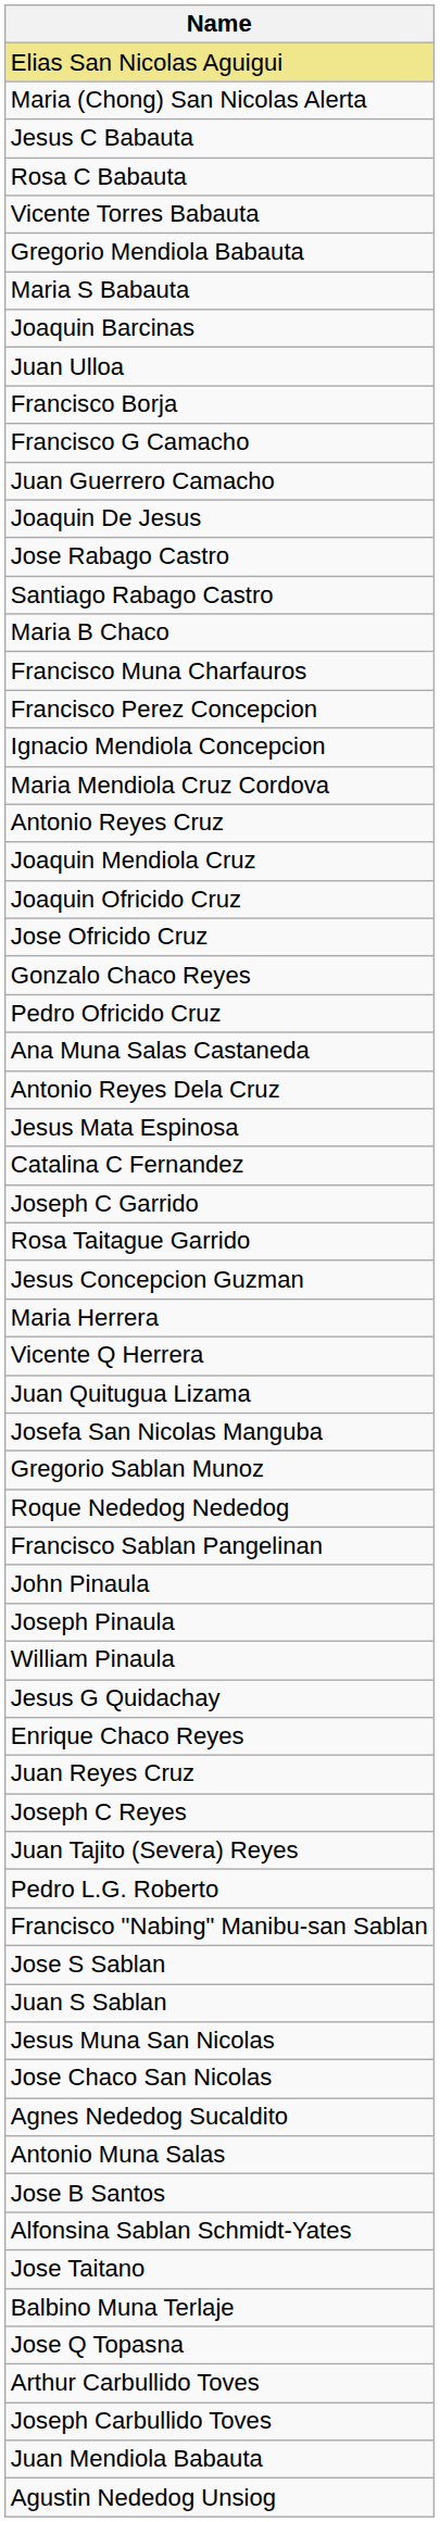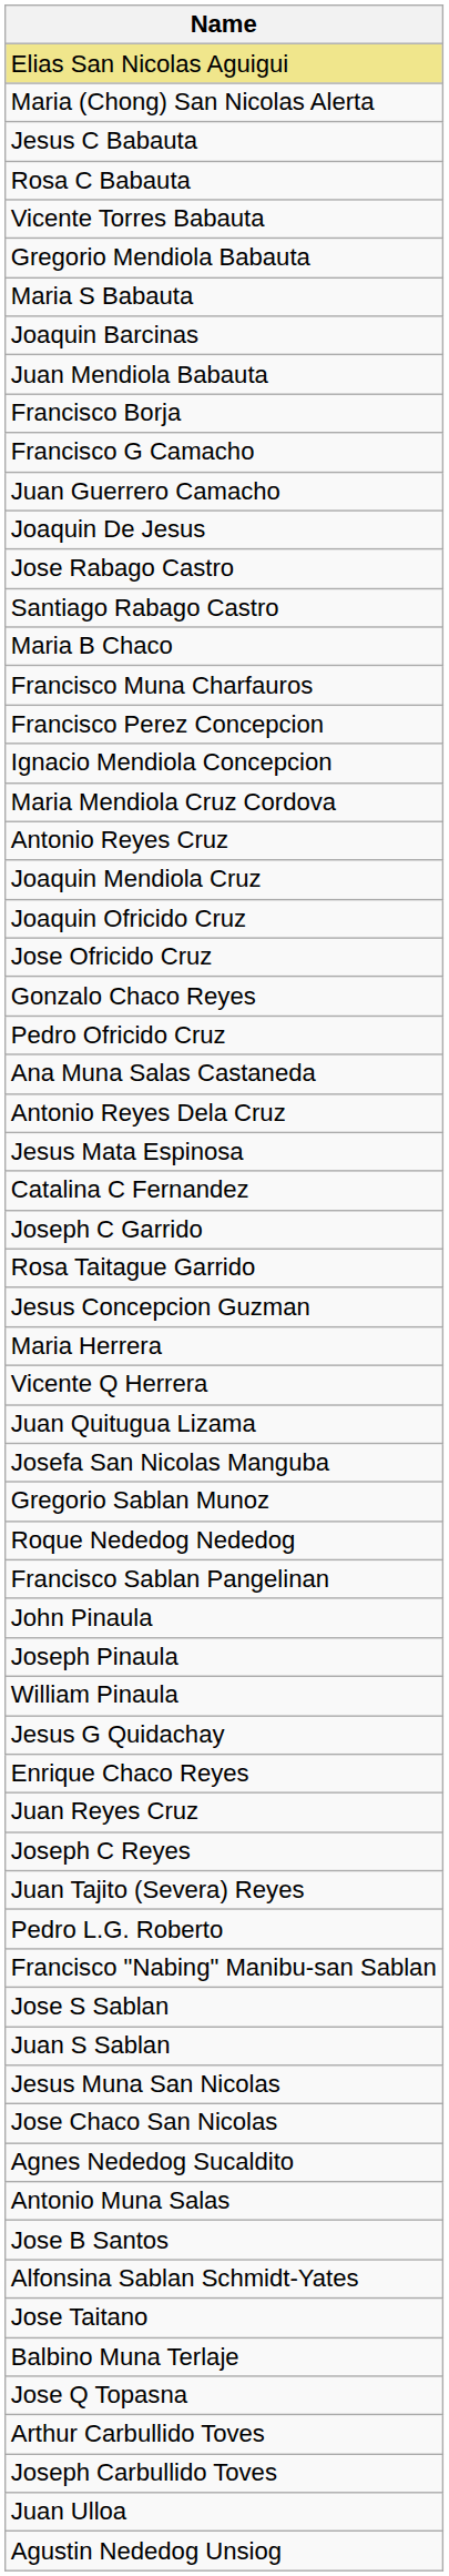 <table class="wikitable sortable mw-collapsible mw-collapsed">
 <tr>
 <th>Name</th>
 </tr>
 <tr>
 <td style="background: khaki;">Elias San Nicolas Aguigui</td>
 </tr>
 <tr>
 <td>Maria (Chong) San Nicolas Alerta</td>
 </tr>
 <tr>
 <td>Jesus C Babauta</td>
 </tr>
 <tr>
 <td>Rosa C Babauta</td>
 </tr>
 <tr>
 <td>Vicente Torres Babauta</td>
 </tr>
 <tr>
 <td>Gregorio Mendiola Babauta</td>
 </tr>
 <tr>
 <td>Maria S Babauta</td>
 </tr>
 <tr>
 <td>Joaquin Barcinas</td>
 </tr>
 <tr>
-<td>Juan Ulloa</td>
+<td>Juan Mendiola Babauta</td>
 </tr>
 <tr>
 <td>Francisco Borja</td>
 </tr>
 <tr>
 <td>Francisco G Camacho</td>
 </tr>
 <tr>
 <td>Juan Guerrero Camacho</td>
 </tr>
 <tr>
 <td>Joaquin De Jesus</td>
 </tr>
 <tr>
 <td>Jose Rabago Castro</td>
 </tr>
 <tr>
 <td>Santiago Rabago Castro</td>
 </tr>
 <tr>
 <td>Maria B Chaco</td>
 </tr>
 <tr>
 <td>Francisco Muna Charfauros</td>
 </tr>
 <tr>
 <td>Francisco Perez Concepcion</td>
 </tr>
 <tr>
 <td>Ignacio Mendiola Concepcion</td>
 </tr>
 <tr>
 <td>Maria Mendiola Cruz Cordova</td>
 </tr>
 <tr>
 <td>Antonio Reyes Cruz</td>
 </tr>
 <tr>
 <td>Joaquin Mendiola Cruz</td>
 </tr>
 <tr>
 <td>Joaquin Ofricido Cruz</td>
 </tr>
 <tr>
 <td>Jose Ofricido Cruz</td>
 </tr>
 <tr>
 <td>Gonzalo Chaco Reyes</td>
 </tr>
 <tr>
 <td>Pedro Ofricido Cruz</td>
 </tr>
 <tr>
 <td>Ana Muna Salas Castaneda</td>
 </tr>
 <tr>
 <td>Antonio Reyes Dela Cruz</td>
 </tr>
 <tr>
 <td>Jesus Mata Espinosa</td>
 </tr>
 <tr>
 <td>Catalina C Fernandez</td>
 </tr>
 <tr>
 <td>Joseph C Garrido</td>
 </tr>
 <tr>
 <td>Rosa Taitague Garrido</td>
 </tr>
 <tr>
 <td>Jesus Concepcion Guzman</td>
 </tr>
 <tr>
 <td>Maria Herrera</td>
 </tr>
 <tr>
 <td>Vicente Q Herrera</td>
 </tr>
 <tr>
 <td>Juan Quitugua Lizama</td>
 </tr>
 <tr>
 <td>Josefa San Nicolas Manguba</td>
 </tr>
 <tr>
 <td>Gregorio Sablan Munoz</td>
 </tr>
 <tr>
 <td>Roque Nededog Nededog</td>
 </tr>
 <tr>
 <td>Francisco Sablan Pangelinan</td>
 </tr>
 <tr>
 <td>John Pinaula</td>
 </tr>
 <tr>
 <td>Joseph Pinaula</td>
 </tr>
 <tr>
 <td>William Pinaula</td>
 </tr>
 <tr>
 <td>Jesus G Quidachay</td>
 </tr>
 <tr>
 <td>Enrique Chaco Reyes</td>
 </tr>
 <tr>
 <td>Juan Reyes Cruz</td>
 </tr>
 <tr>
 <td>Joseph C Reyes</td>
 </tr>
 <tr>
 <td>Juan Tajito (Severa) Reyes</td>
 </tr>
 <tr>
 <td>Pedro L.G. Roberto</td>
 </tr>
 <tr>
 <td>Francisco "Nabing" Manibu-san Sablan</td>
 </tr>
 <tr>
 <td>Jose S Sablan</td>
 </tr>
 <tr>
 <td>Juan S Sablan</td>
 </tr>
 <tr>
 <td>Jesus Muna San Nicolas</td>
 </tr>
 <tr>
 <td>Jose Chaco San Nicolas</td>
 </tr>
 <tr>
 <td>Agnes Nededog Sucaldito</td>
 </tr>
 <tr>
 <td>Antonio Muna Salas</td>
 </tr>
 <tr>
 <td>Jose B Santos</td>
 </tr>
 <tr>
 <td>Alfonsina Sablan Schmidt-Yates</td>
 </tr>
 <tr>
 <td>Jose Taitano</td>
 </tr>
 <tr>
 <td>Balbino Muna Terlaje</td>
 </tr>
 <tr>
 <td>Jose Q Topasna</td>
 </tr>
 <tr>
 <td>Arthur Carbullido Toves</td>
 </tr>
 <tr>
 <td>Joseph Carbullido Toves</td>
 </tr>
 <tr>
-<td>Juan Mendiola Babauta</td>
+<td>Juan Ulloa</td>
 </tr>
 <tr>
 <td>Agustin Nededog Unsiog</td>
 </tr>
 </table>
